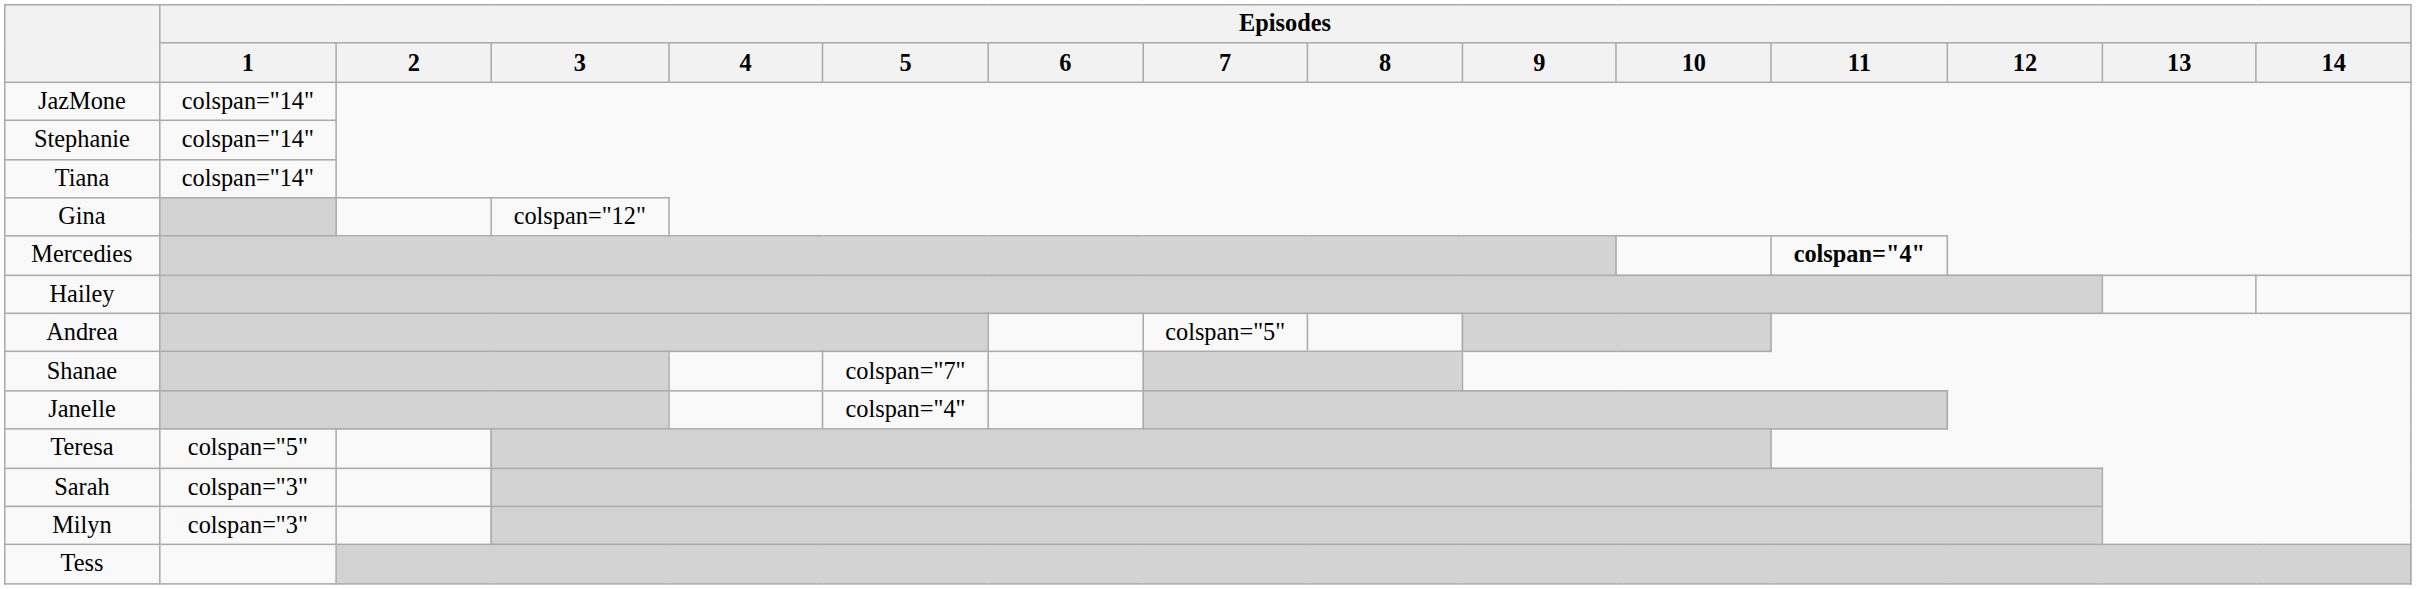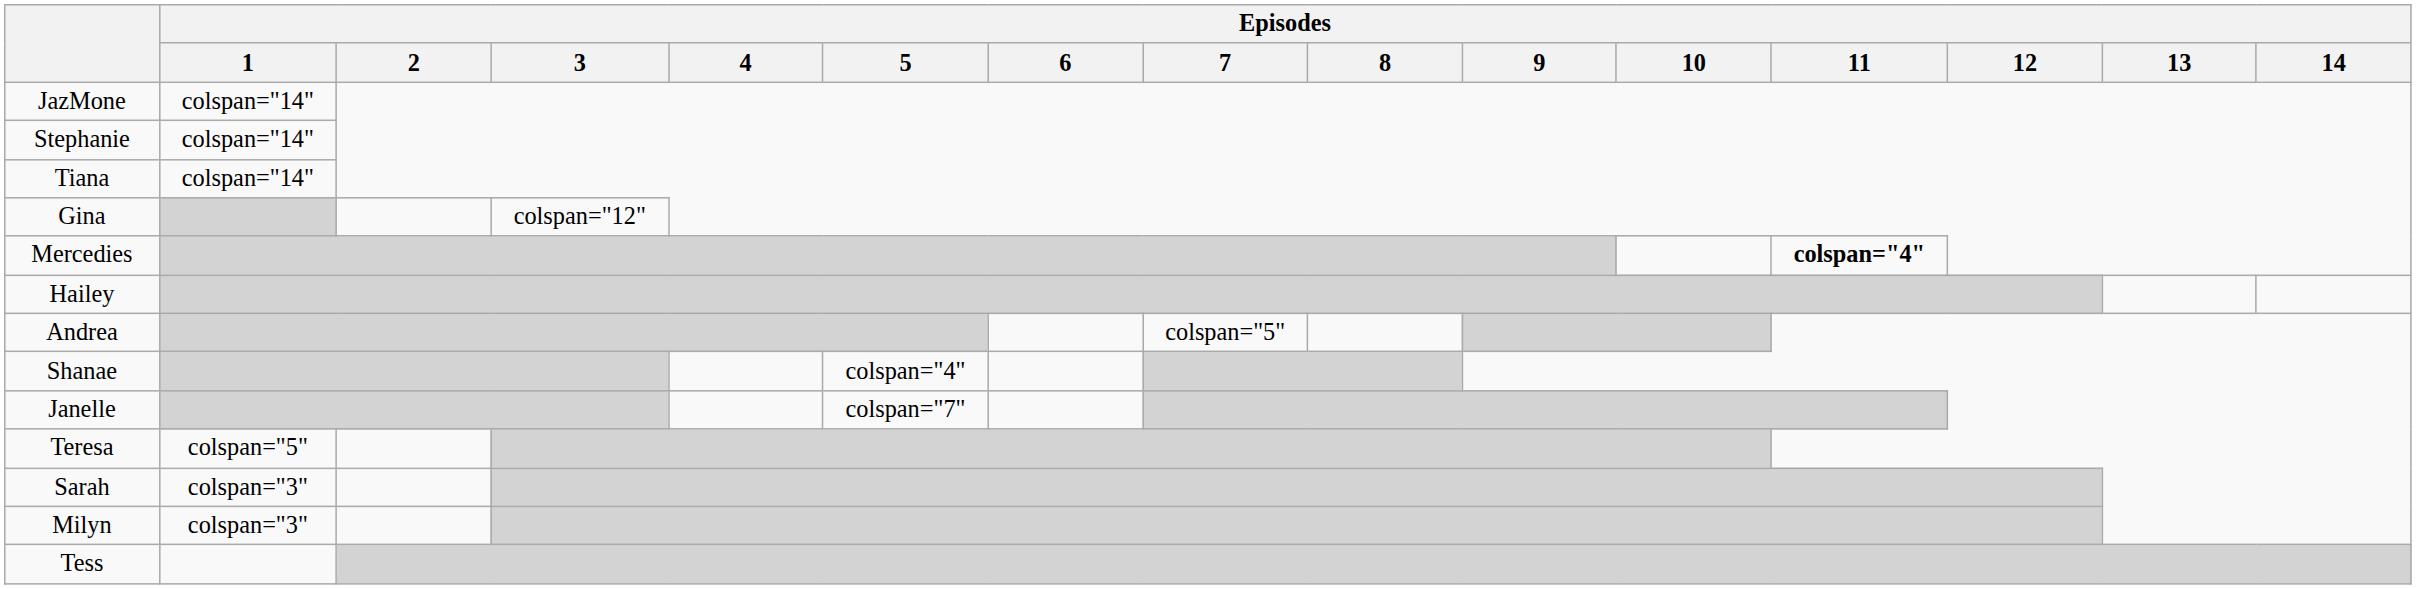 <table class="wikitable plainrowheaders" style="text-align:center; width:100%;">
 <tr>
 <th scope="col" rowspan="2" style="width:5%;"></th>
 <th scope="col" colspan="14">Episodes</th>
 </tr>
 <tr>
 <th scope="col" style="width:5%;">1</th>
 <th scope="col" style="width:5%;">2</th>
 <th scope="col" style="width:5%;">3</th>
 <th scope="col" style="width:5%;">4</th>
 <th scope="col" style="width:5%;">5</th>
 <th scope="col" style="width:5%;">6</th>
 <th scope="col" style="width:5%;">7</th>
 <th scope="col" style="width:5%;">8</th>
 <th scope="col" style="width:5%;">9</th>
 <th scope="col" style="width:5%;">10</th>
 <th scope="col" style="width:5%;">11</th>
 <th scope="col" style="width:5%;">12</th>
 <th scope="col" style="width:5%;">13</th>
 <th scope="col" style="width:5%;">14</th>
 </tr>
 <tr>
 <td scope="row">JazMone</td>
 <td>colspan="14" </td>
 </tr>
 <tr>
 <td scope="row">Stephanie</td>
 <td>colspan="14" </td>
 </tr>
 <tr>
 <td scope="row">Tiana</td>
 <td>colspan="14" </td>
 </tr>
 <tr>
 <td scope="row">Gina</td>
 <td colspan="1" style="background:lightgray;"></td>
 <td></td>
 <td>colspan="12" </td>
 </tr>
 <tr>
 <td scope="row">Mercedies</td>
 <td colspan="9" style="background:lightgray;"></td>
 <td></td>
 <td><strong>colspan="4" </strong></td>
 </tr>
 <tr>
 <td scope="row">Hailey</td>
 <td colspan="12" style="background:lightgray;"></td>
 <td></td>
 <td></td>
 </tr>
 <tr>
 <td scope="row">Andrea</td>
 <td colspan="5" style="background:lightgray;"></td>
 <td></td>
 <td>colspan="5" </td>
 <td></td>
 <td colspan="2" style="background:lightgray;"></td>
 </tr>
 <tr>
 <td scope="row">Shanae</td>
 <td colspan="3" style="background:lightgray;"></td>
 <td></td>
-<td>colspan="7" </td>
+<td>colspan="4" </td>
 <td></td>
 <td colspan="2" style="background:lightgray;"></td>
 </tr>
 <tr>
 <td scope="row">Janelle</td>
 <td colspan="3" style="background:lightgray;"></td>
 <td></td>
-<td>colspan="4" </td>
+<td>colspan="7" </td>
 <td></td>
 <td colspan="5" style="background:lightgray;"></td>
 </tr>
 <tr>
 <td scope="row">Teresa</td>
 <td>colspan="5" </td>
 <td></td>
 <td colspan="8" style="background:lightgray;"></td>
 </tr>
 <tr>
 <td scope="row">Sarah</td>
 <td>colspan="3" </td>
 <td></td>
 <td colspan="10" style="background:lightgray;"></td>
 </tr>
 <tr>
 <td scope="row">Milyn</td>
 <td>colspan="3" </td>
 <td></td>
 <td colspan="10" style="background:lightgray;"></td>
 </tr>
 <tr>
 <td scope="row">Tess</td>
 <td></td>
 <td colspan="13" style="background:lightgray;"></td>
 </tr>
 </table>
